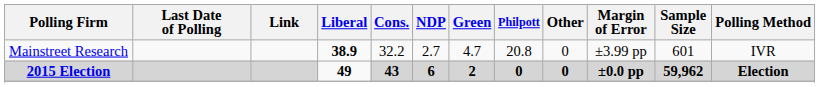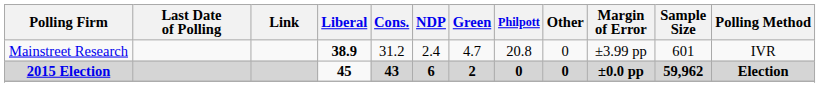 <table class="wikitable sortable" style="text-align:center;font-size:90%;line-height:14px;">
 <tr style="background:#e9e9e9;">
 <th style="width:120px">Polling Firm</th>
 <th style="width:110px">Last Date<br>of Polling</th>
 <th style="width:60px" class="unsortable">Link</th>
 <th style="background-color:"><strong><a href='#'>Liberal</a></strong></th>
 <th style="background-color:"><strong><a href='#'>Cons.</a></strong></th>
 <th style="background-color:"><strong><a href='#'>NDP</a></strong></th>
 <th style="background-color:"><strong><a href='#'>Green</a></strong></th>
 <th style="background-color:"><strong><small><a href='#'>Philpott</a></small></strong></th>
 <th style="background-color:"><strong>Other</strong></th>
 <th style="width:60px;" class=unsortable>Margin<br>of Error</th>
 <th style="width:50px;" class=unsortable>Sample<br>Size</th>
 <th class=unsortable>Polling Method</th>
 </tr>
 <tr>
 <td><a href='#'>Mainstreet Research</a></td>
 <td></td>
 <td></td>
 <td><strong>38.9</strong></td>
-<td>32.2</td>
-<td>2.7</td>
+<td>31.2</td>
+<td>2.4</td>
 <td>4.7</td>
 <td>20.8</td>
 <td>0</td>
 <td>±3.99 pp</td>
 <td>601</td>
 <td>IVR</td>
 </tr>
 <tr>
 <td style="background:#D5D5D5"><strong><a href='#'>2015 Election</a></strong></td>
 <td style="background:#D5D5D5"><strong></strong></td>
 <td style="background:#D5D5D5"></td>
-<td><strong>49</strong></td>
+<td><strong>45</strong></td>
 <td style="background:#D5D5D5"><strong>43</strong></td>
 <td style="background:#D5D5D5"><strong>6</strong></td>
 <td style="background:#D5D5D5"><strong>2</strong></td>
 <td style="background:#D5D5D5"><strong>0</strong></td>
 <td style="background:#D5D5D5"><strong>0</strong></td>
 <td style="background:#D5D5D5"><strong>±0.0 pp</strong></td>
 <td style="background:#D5D5D5"><strong>59,962</strong></td>
 <td style="background:#D5D5D5"><strong>Election</strong></td>
 </tr>
 <tr>
 </tr>
 <tr>
 </tr>
 </table>
